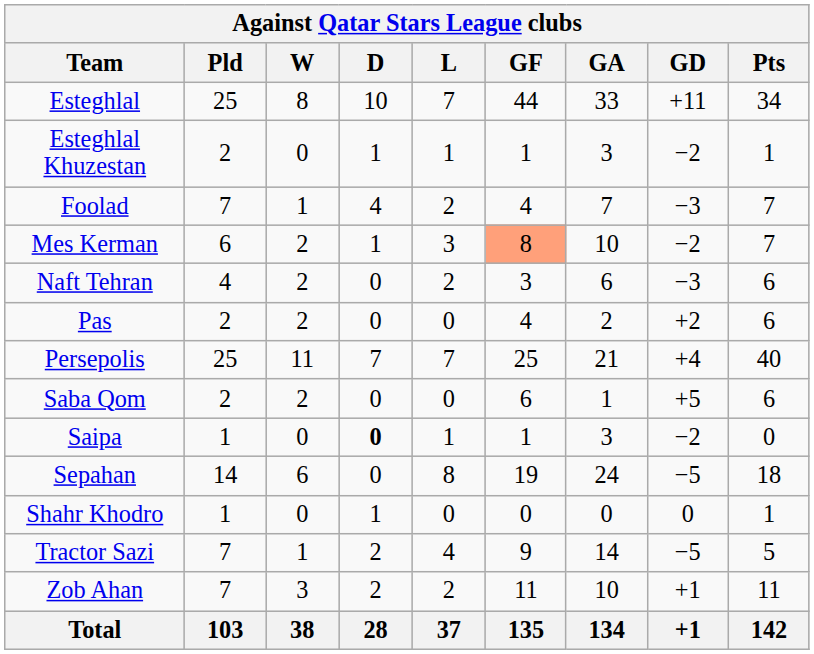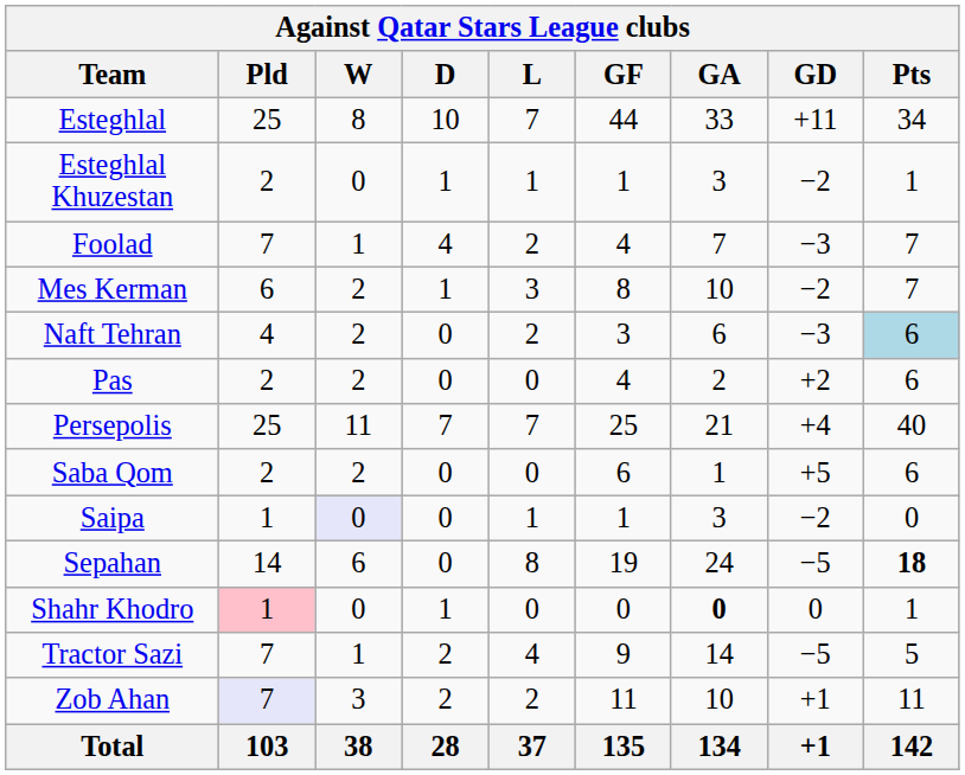 <table class="wikitable" width="60%" style="text-align:center">
 <tr>
 <th colspan="9">Against <a href='#'>Qatar Stars League</a> clubs</th>
 </tr>
 <tr>
 <th width="10%">Team</th>
 <th width="5%">Pld</th>
 <th width="5%">W</th>
 <th width="5%">D</th>
 <th width="5%">L</th>
 <th width="5%">GF</th>
 <th width="5%">GA</th>
 <th width="5%">GD</th>
 <th width="5%">Pts</th>
 </tr>
 <tr>
 <td><a href='#'>Esteghlal</a></td>
 <td>25</td>
 <td>8</td>
 <td>10</td>
 <td>7</td>
 <td>44</td>
 <td>33</td>
 <td>+11</td>
 <td>34</td>
 </tr>
 <tr>
 <td><a href='#'>Esteghlal Khuzestan</a></td>
 <td>2</td>
 <td>0</td>
 <td>1</td>
 <td>1</td>
 <td>1</td>
 <td>3</td>
 <td>−2</td>
 <td>1</td>
 </tr>
 <tr>
 <td><a href='#'>Foolad</a></td>
 <td>7</td>
 <td>1</td>
 <td>4</td>
 <td>2</td>
 <td>4</td>
 <td>7</td>
 <td>−3</td>
 <td>7</td>
 </tr>
 <tr>
 <td><a href='#'>Mes Kerman</a></td>
 <td>6</td>
 <td>2</td>
 <td>1</td>
 <td>3</td>
-<td style="background: lightsalmon;">8</td>
+<td>8</td>
 <td>10</td>
 <td>−2</td>
 <td>7</td>
 </tr>
 <tr>
 <td><a href='#'>Naft Tehran</a></td>
 <td>4</td>
 <td>2</td>
 <td>0</td>
 <td>2</td>
 <td>3</td>
 <td>6</td>
 <td>−3</td>
-<td>6</td>
+<td style="background: lightblue;">6</td>
 </tr>
 <tr>
 <td><a href='#'>Pas</a></td>
 <td>2</td>
 <td>2</td>
 <td>0</td>
 <td>0</td>
 <td>4</td>
 <td>2</td>
 <td>+2</td>
 <td>6</td>
 </tr>
 <tr>
 <td><a href='#'>Persepolis</a></td>
 <td>25</td>
 <td>11</td>
 <td>7</td>
 <td>7</td>
 <td>25</td>
 <td>21</td>
 <td>+4</td>
 <td>40</td>
 </tr>
 <tr>
 <td><a href='#'>Saba Qom</a></td>
 <td>2</td>
 <td>2</td>
 <td>0</td>
 <td>0</td>
 <td>6</td>
 <td>1</td>
 <td>+5</td>
 <td>6</td>
 </tr>
 <tr>
 <td><a href='#'>Saipa</a></td>
 <td>1</td>
+<td style="background: lavender;">0</td>
 <td>0</td>
-<td><strong>0</strong></td>
 <td>1</td>
 <td>1</td>
 <td>3</td>
 <td>−2</td>
 <td>0</td>
 </tr>
 <tr>
 <td><a href='#'>Sepahan</a></td>
 <td>14</td>
 <td>6</td>
 <td>0</td>
 <td>8</td>
 <td>19</td>
 <td>24</td>
 <td>−5</td>
-<td>18</td>
+<td><strong>18</strong></td>
 </tr>
 <tr>
 <td><a href='#'>Shahr Khodro</a></td>
-<td>1</td>
+<td style="background: pink;">1</td>
 <td>0</td>
 <td>1</td>
 <td>0</td>
 <td>0</td>
-<td>0</td>
+<td><strong>0</strong></td>
 <td>0</td>
 <td>1</td>
 </tr>
 <tr>
 <td><a href='#'>Tractor Sazi</a></td>
 <td>7</td>
 <td>1</td>
 <td>2</td>
 <td>4</td>
 <td>9</td>
 <td>14</td>
 <td>−5</td>
 <td>5</td>
 </tr>
 <tr>
 <td><a href='#'>Zob Ahan</a></td>
-<td>7</td>
+<td style="background: lavender;">7</td>
 <td>3</td>
 <td>2</td>
 <td>2</td>
 <td>11</td>
 <td>10</td>
 <td>+1</td>
 <td>11</td>
 </tr>
 <tr>
 <th>Total</th>
 <th>103</th>
 <th>38</th>
 <th>28</th>
 <th>37</th>
 <th>135</th>
 <th>134</th>
 <th>+1</th>
 <th>142</th>
 </tr>
 </table>
